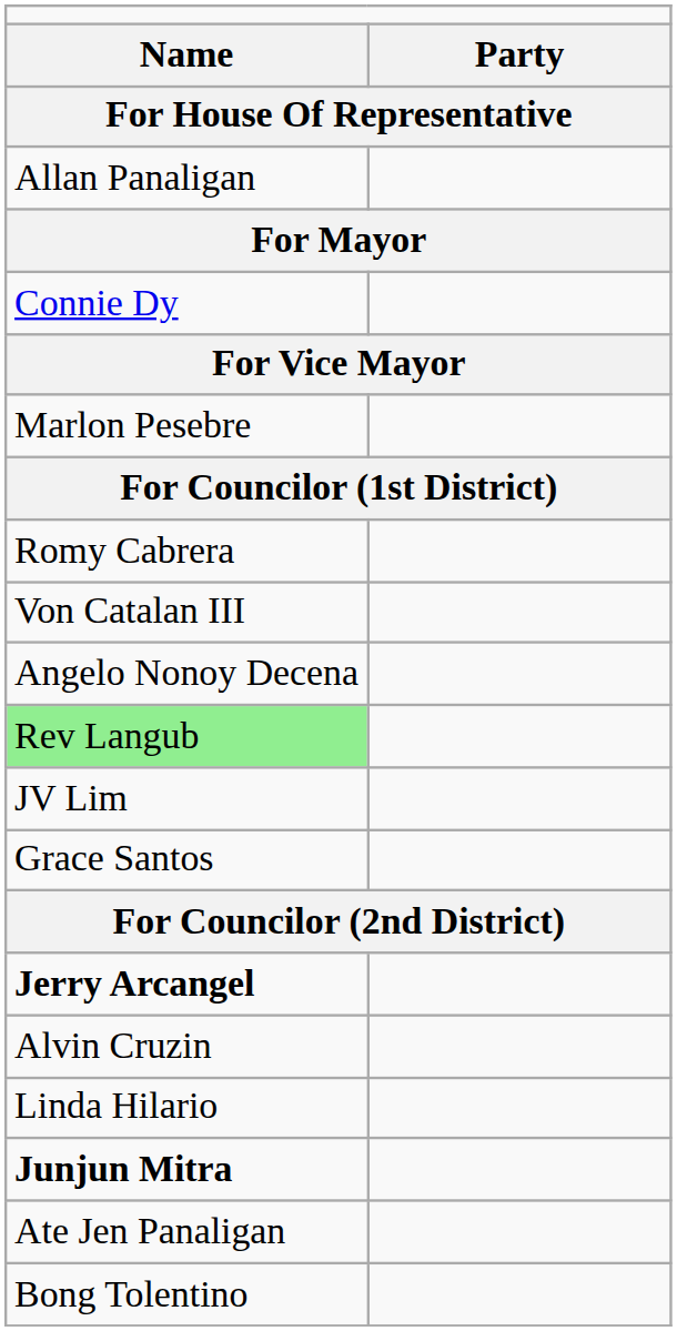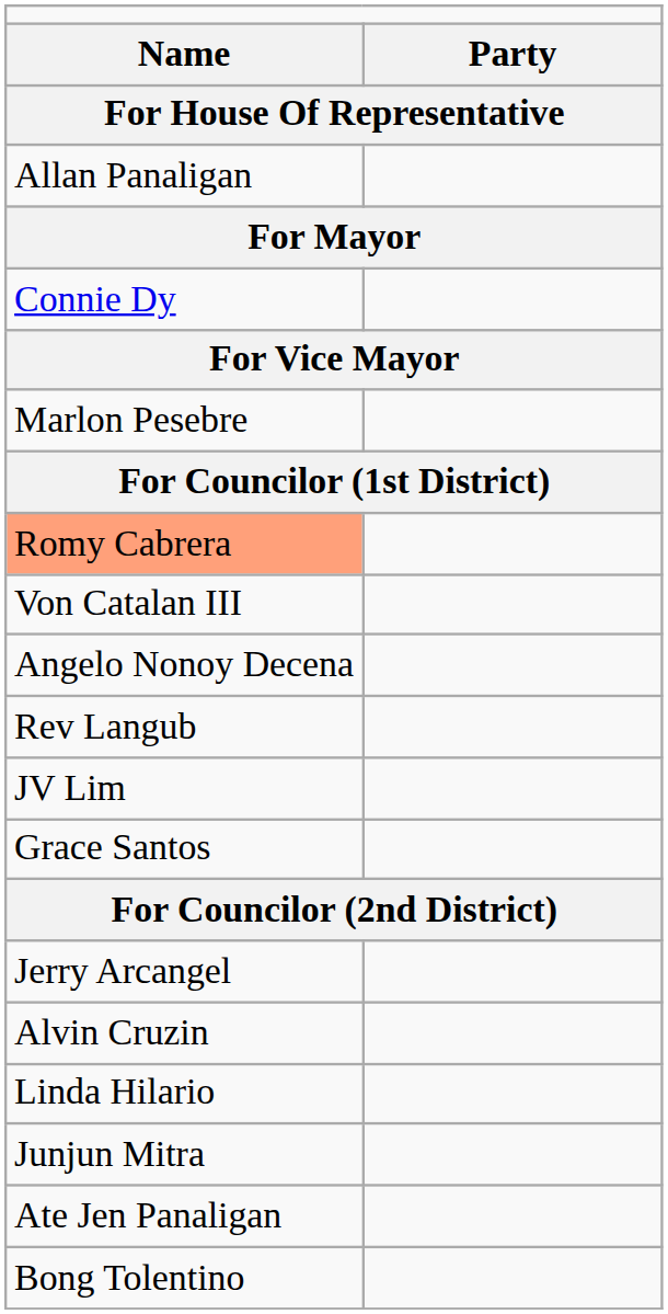 <table class=wikitable style="font-size:90%">
 <tr>
 <td colspan=5 bgcolor=></td>
 </tr>
 <tr>
 <th !width=150px>Name</th>
 <th colspan=2 width=110px>Party</th>
 </tr>
 <tr>
 <th colspan="3">For House Of Representative</th>
 </tr>
 <tr>
 <td>Allan Panaligan</td>
 <td></td>
 </tr>
 <tr>
 <th colspan="3">For Mayor</th>
 </tr>
 <tr>
 <td><a href='#'>Connie Dy</a></td>
 <td></td>
 </tr>
 <tr>
 <th colspan="3">For Vice Mayor</th>
 </tr>
 <tr>
 <td>Marlon Pesebre</td>
 <td></td>
 </tr>
 <tr>
 <th colspan="3">For Councilor (1st District)</th>
 </tr>
 <tr>
-<td>Romy Cabrera</td>
+<td style="background: lightsalmon;">Romy Cabrera</td>
 <td></td>
 </tr>
 <tr>
 <td>Von Catalan III</td>
 <td></td>
 </tr>
 <tr>
 <td>Angelo Nonoy Decena</td>
 <td></td>
 </tr>
 <tr>
-<td style="background: lightgreen;">Rev Langub</td>
+<td>Rev Langub</td>
 <td></td>
 </tr>
 <tr>
 <td>JV Lim</td>
 <td></td>
 </tr>
 <tr>
 <td>Grace Santos</td>
 <td></td>
 </tr>
 <tr>
 <th colspan="3">For Councilor (2nd District)</th>
 </tr>
 <tr>
-<td><strong>Jerry Arcangel</strong></td>
+<td>Jerry Arcangel</td>
 <td></td>
 </tr>
 <tr>
 <td>Alvin Cruzin</td>
 <td></td>
 </tr>
 <tr>
 <td>Linda Hilario</td>
 <td></td>
 </tr>
 <tr>
-<td><strong>Junjun Mitra</strong></td>
+<td>Junjun Mitra</td>
 <td></td>
 </tr>
 <tr>
 <td>Ate Jen Panaligan</td>
 <td></td>
 </tr>
 <tr>
 <td>Bong Tolentino</td>
 <td></td>
 </tr>
 </table>
